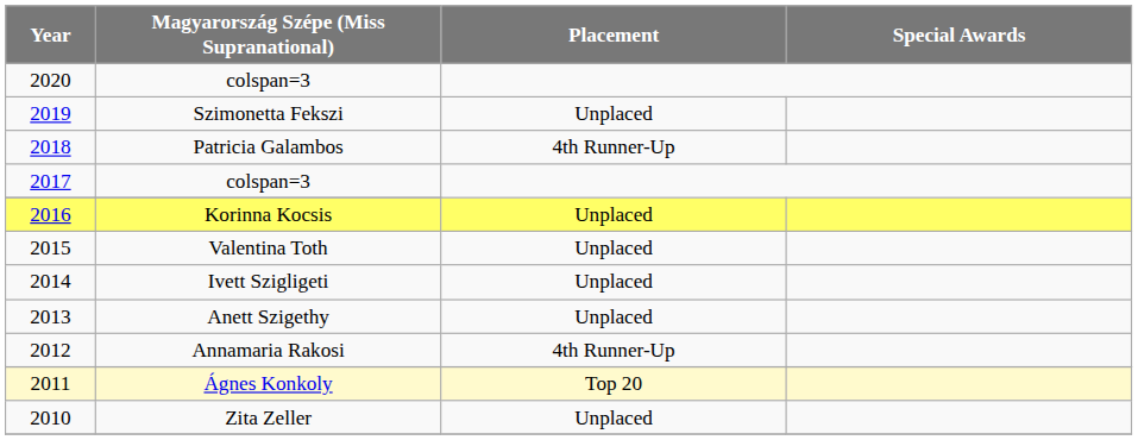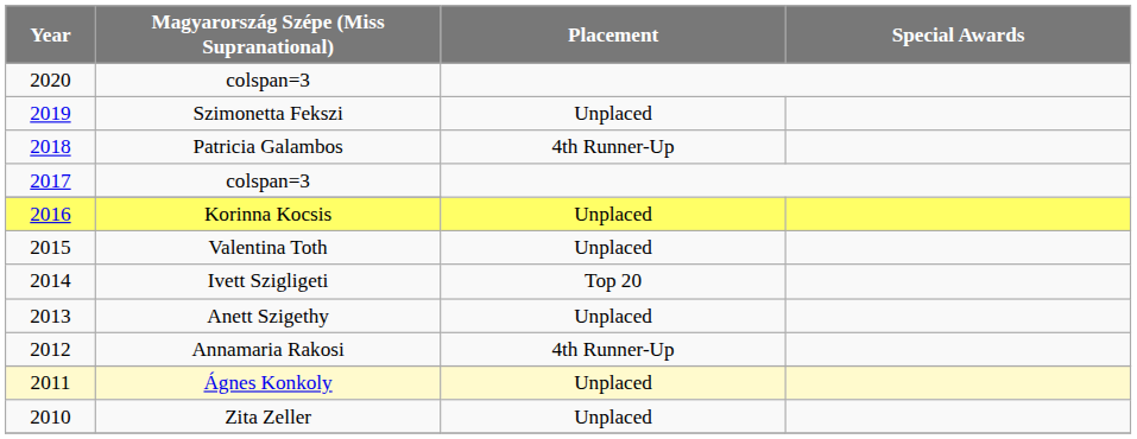 <table class="wikitable sortable" style="font-size: 95%; text-align:center">
 <tr>
 <th width="60" style="background-color:#787878;color:#FFFFFF;">Year</th>
 <th width="250" style="background-color:#787878;color:#FFFFFF;">Magyarország Szépe (Miss Supranational)</th>
 <th width="250" style="background-color:#787878;color:#FFFFFF;">Placement</th>
 <th width="250" style="background-color:#787878;color:#FFFFFF;">Special Awards</th>
 </tr>
 <tr>
 <td>2020</td>
 <td>colspan=3 </td>
 </tr>
 <tr>
 <td><a href='#'>2019</a></td>
 <td>Szimonetta Fekszi</td>
 <td>Unplaced</td>
 <td></td>
 </tr>
 <tr>
 <td><a href='#'>2018</a></td>
 <td>Patricia Galambos</td>
 <td>4th Runner-Up</td>
 <td></td>
 </tr>
 <tr>
 <td><a href='#'>2017</a></td>
 <td>colspan=3 </td>
 </tr>
 <tr>
 </tr>
 <tr style="background-color:#FFFF66;">
 <td><a href='#'>2016</a></td>
 <td>Korinna Kocsis</td>
 <td>Unplaced</td>
 <td></td>
 </tr>
 <tr>
 <td>2015</td>
 <td>Valentina Toth </td>
 <td>Unplaced</td>
 <td></td>
 </tr>
 <tr>
 <td>2014</td>
 <td>Ivett Szigligeti</td>
-<td>Unplaced</td>
+<td>Top 20</td>
 <td></td>
 </tr>
 <tr>
 <td>2013</td>
 <td>Anett Szigethy</td>
 <td>Unplaced</td>
 <td></td>
 </tr>
 <tr>
 <td>2012</td>
 <td>Annamaria Rakosi</td>
 <td>4th Runner-Up</td>
 <td></td>
 </tr>
 <tr>
 </tr>
 <tr style="background-color:#FFFACD;">
 <td>2011</td>
 <td><a href='#'>Ágnes Konkoly</a></td>
-<td>Top 20</td>
+<td>Unplaced</td>
 <td></td>
 </tr>
 <tr>
 <td>2010</td>
 <td>Zita Zeller</td>
 <td>Unplaced</td>
 <td></td>
 </tr>
 <tr>
 </tr>
 </table>
